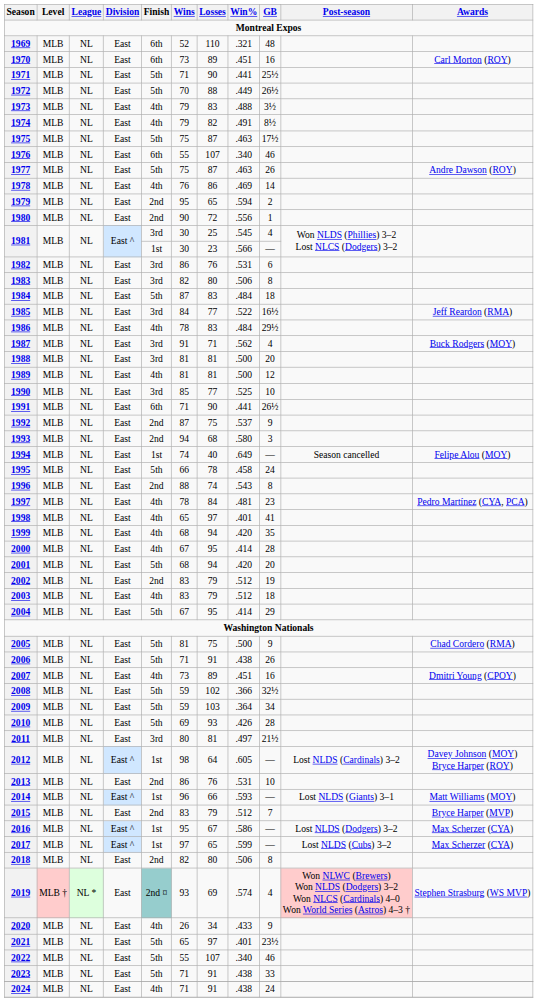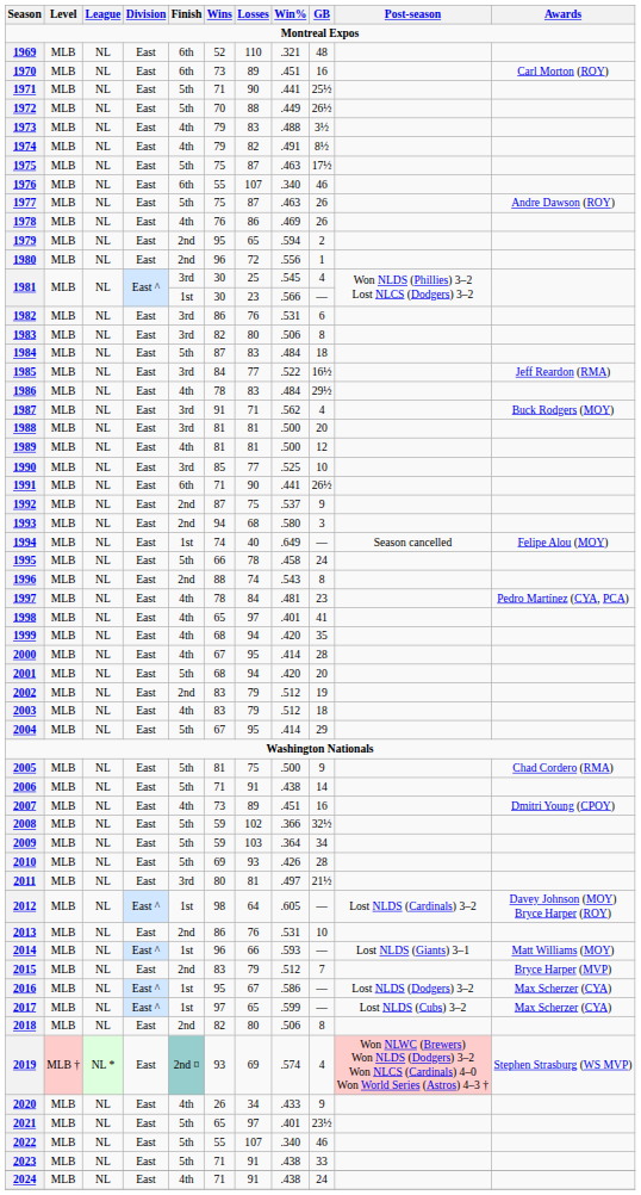 <table class="wikitable plainrowheaders" style="text-align:center; font-size:95%">
 <tr>
 <th scope="col">Season</th>
 <th scope-"col">Level</th>
 <th scope="col"><a href='#'>League</a></th>
 <th scope="col"><a href='#'>Division</a></th>
 <th scope="col">Finish</th>
 <th scope="col"><a href='#'>Wins</a></th>
 <th scope="col"><a href='#'>Losses</a></th>
 <th scope="col"><a href='#'>Win%</a></th>
 <th scope="col"><a href='#'>GB</a></th>
 <th scope="col"><a href='#'>Post-season</a></th>
 <th scope="col"><a href='#'>Awards</a></th>
 </tr>
 <tr>
 <td align="center" colspan="11"><strong>Montreal Expos</strong></td>
 </tr>
 <tr>
 <th scope="row" style="text-align:center;"><a href='#'>1969</a></th>
 <td>MLB</td>
 <td>NL</td>
 <td>East</td>
 <td>6th</td>
 <td>52</td>
 <td>110</td>
 <td>.321</td>
 <td>48</td>
 <td></td>
 <td></td>
 </tr>
 <tr>
 <th scope="row" style="text-align:center;"><a href='#'>1970</a></th>
 <td>MLB</td>
 <td>NL</td>
 <td>East</td>
 <td>6th</td>
 <td>73</td>
 <td>89</td>
 <td>.451</td>
 <td>16</td>
 <td></td>
 <td><a href='#'>Carl Morton</a> (<a href='#'>ROY</a>)</td>
 </tr>
 <tr>
 <th scope="row" style="text-align:center;"><a href='#'>1971</a></th>
 <td>MLB</td>
 <td>NL</td>
 <td>East</td>
 <td>5th</td>
 <td>71</td>
 <td>90</td>
 <td>.441</td>
 <td>25½</td>
 <td></td>
 <td></td>
 </tr>
 <tr>
 <th scope="row" style="text-align:center;"><a href='#'>1972</a></th>
 <td>MLB</td>
 <td>NL</td>
 <td>East</td>
 <td>5th</td>
 <td>70</td>
 <td>88</td>
 <td>.449</td>
 <td>26½</td>
 <td></td>
 <td></td>
 </tr>
 <tr>
 <th scope="row" style="text-align:center;"><a href='#'>1973</a></th>
 <td>MLB</td>
 <td>NL</td>
 <td>East</td>
 <td>4th</td>
 <td>79</td>
 <td>83</td>
 <td>.488</td>
 <td>3½</td>
 <td></td>
 <td></td>
 </tr>
 <tr>
 <th scope="row" style="text-align:center;"><a href='#'>1974</a></th>
 <td>MLB</td>
 <td>NL</td>
 <td>East</td>
 <td>4th</td>
 <td>79</td>
 <td>82</td>
 <td>.491</td>
 <td>8½</td>
 <td></td>
 <td></td>
 </tr>
 <tr>
 <th scope="row" style="text-align:center;"><a href='#'>1975</a></th>
 <td>MLB</td>
 <td>NL</td>
 <td>East</td>
 <td>5th</td>
 <td>75</td>
 <td>87</td>
 <td>.463</td>
 <td>17½</td>
 <td></td>
 <td></td>
 </tr>
 <tr>
 <th scope="row" style="text-align:center;"><a href='#'>1976</a></th>
 <td>MLB</td>
 <td>NL</td>
 <td>East</td>
 <td>6th</td>
 <td>55</td>
 <td>107</td>
 <td>.340</td>
 <td>46</td>
 <td></td>
 <td></td>
 </tr>
 <tr>
 <th scope="row" style="text-align:center;"><a href='#'>1977</a></th>
 <td>MLB</td>
 <td>NL</td>
 <td>East</td>
 <td>5th</td>
 <td>75</td>
 <td>87</td>
 <td>.463</td>
 <td>26</td>
 <td></td>
 <td><a href='#'>Andre Dawson</a> (<a href='#'>ROY</a>)</td>
 </tr>
 <tr>
 <th scope="row" style="text-align:center;"><a href='#'>1978</a></th>
 <td>MLB</td>
 <td>NL</td>
 <td>East</td>
 <td>4th</td>
 <td>76</td>
 <td>86</td>
 <td>.469</td>
-<td>14</td>
+<td>26</td>
 <td></td>
 <td></td>
 </tr>
 <tr>
 <th scope="row" style="text-align:center;"><a href='#'>1979</a></th>
 <td>MLB</td>
 <td>NL</td>
 <td>East</td>
 <td>2nd</td>
 <td>95</td>
 <td>65</td>
 <td>.594</td>
 <td>2</td>
 <td></td>
 <td></td>
 </tr>
 <tr>
 <th scope="row" style="text-align:center;"><a href='#'>1980</a></th>
 <td>MLB</td>
 <td>NL</td>
 <td>East</td>
 <td>2nd</td>
-<td>90</td>
+<td>96</td>
 <td>72</td>
 <td>.556</td>
 <td>1</td>
 <td></td>
 <td></td>
 </tr>
 <tr>
 <th scope="row" style="text-align:center;" rowspan=2><a href='#'>1981</a></th>
 <td rowspan=2>MLB</td>
 <td rowspan=2>NL</td>
 <td rowspan=2 bgcolor="#D0E7FF">East ^</td>
 <td>3rd</td>
 <td>30</td>
 <td>25</td>
 <td>.545</td>
 <td>4</td>
 <td rowspan=2>Won <a href='#'>NLDS</a> (<a href='#'>Phillies</a>) 3–2<br>Lost <a href='#'>NLCS</a> (<a href='#'>Dodgers</a>) 3–2</td>
 <td rowspan=2></td>
 </tr>
 <tr>
 <td>1st</td>
 <td>30</td>
 <td>23</td>
 <td>.566</td>
 <td>—</td>
 </tr>
 <tr>
 <th scope="row" style="text-align:center;"><a href='#'>1982</a></th>
 <td>MLB</td>
 <td>NL</td>
 <td>East</td>
 <td>3rd</td>
 <td>86</td>
 <td>76</td>
 <td>.531</td>
 <td>6</td>
 <td></td>
 <td></td>
 </tr>
 <tr>
 <th scope="row" style="text-align:center;"><a href='#'>1983</a></th>
 <td>MLB</td>
 <td>NL</td>
 <td>East</td>
 <td>3rd</td>
 <td>82</td>
 <td>80</td>
 <td>.506</td>
 <td>8</td>
 <td></td>
 <td></td>
 </tr>
 <tr>
 <th scope="row" style="text-align:center;"><a href='#'>1984</a></th>
 <td>MLB</td>
 <td>NL</td>
 <td>East</td>
 <td>5th</td>
 <td>87</td>
 <td>83</td>
 <td>.484</td>
 <td>18</td>
 <td></td>
 <td></td>
 </tr>
 <tr>
 <th scope="row" style="text-align:center;"><a href='#'>1985</a></th>
 <td>MLB</td>
 <td>NL</td>
 <td>East</td>
 <td>3rd</td>
 <td>84</td>
 <td>77</td>
 <td>.522</td>
 <td>16½</td>
 <td></td>
 <td><a href='#'>Jeff Reardon</a> (<a href='#'>RMA</a>)</td>
 </tr>
 <tr>
 <th scope="row" style="text-align:center;"><a href='#'>1986</a></th>
 <td>MLB</td>
 <td>NL</td>
 <td>East</td>
 <td>4th</td>
 <td>78</td>
 <td>83</td>
 <td>.484</td>
 <td>29½</td>
 <td></td>
 <td></td>
 </tr>
 <tr>
 <th scope="row" style="text-align:center;"><a href='#'>1987</a></th>
 <td>MLB</td>
 <td>NL</td>
 <td>East</td>
 <td>3rd</td>
 <td>91</td>
 <td>71</td>
 <td>.562</td>
 <td>4</td>
 <td></td>
 <td><a href='#'>Buck Rodgers</a> (<a href='#'>MOY</a>)</td>
 </tr>
 <tr>
 <th scope="row" style="text-align:center;"><a href='#'>1988</a></th>
 <td>MLB</td>
 <td>NL</td>
 <td>East</td>
 <td>3rd</td>
 <td>81</td>
 <td>81</td>
 <td>.500</td>
 <td>20</td>
 <td></td>
 <td></td>
 </tr>
 <tr>
 <th scope="row" style="text-align:center;"><a href='#'>1989</a></th>
 <td>MLB</td>
 <td>NL</td>
 <td>East</td>
 <td>4th</td>
 <td>81</td>
 <td>81</td>
 <td>.500</td>
 <td>12</td>
 <td></td>
 <td></td>
 </tr>
 <tr>
 <th scope="row" style="text-align:center;"><a href='#'>1990</a></th>
 <td>MLB</td>
 <td>NL</td>
 <td>East</td>
 <td>3rd</td>
 <td>85</td>
 <td>77</td>
 <td>.525</td>
 <td>10</td>
 <td></td>
 <td></td>
 </tr>
 <tr>
 <th scope="row" style="text-align:center;"><a href='#'>1991</a></th>
 <td>MLB</td>
 <td>NL</td>
 <td>East</td>
 <td>6th</td>
 <td>71</td>
 <td>90</td>
 <td>.441</td>
 <td>26½</td>
 <td></td>
 <td></td>
 </tr>
 <tr>
 <th scope="row" style="text-align:center;"><a href='#'>1992</a></th>
 <td>MLB</td>
 <td>NL</td>
 <td>East</td>
 <td>2nd</td>
 <td>87</td>
 <td>75</td>
 <td>.537</td>
 <td>9</td>
 <td></td>
 <td></td>
 </tr>
 <tr>
 <th scope="row" style="text-align:center;"><a href='#'>1993</a></th>
 <td>MLB</td>
 <td>NL</td>
 <td>East</td>
 <td>2nd</td>
 <td>94</td>
 <td>68</td>
 <td>.580</td>
 <td>3</td>
 <td></td>
 <td></td>
 </tr>
 <tr>
 <th scope="row" style="text-align:center;"><a href='#'>1994</a></th>
 <td>MLB</td>
 <td>NL</td>
 <td>East</td>
 <td>1st</td>
 <td>74</td>
 <td>40</td>
 <td>.649</td>
 <td>—</td>
 <td>Season cancelled</td>
 <td><a href='#'>Felipe Alou</a> (<a href='#'>MOY</a>)</td>
 </tr>
 <tr>
 <th scope="row" style="text-align:center;"><a href='#'>1995</a></th>
 <td>MLB</td>
 <td>NL</td>
 <td>East</td>
 <td>5th</td>
 <td>66</td>
 <td>78</td>
 <td>.458</td>
 <td>24</td>
 <td></td>
 <td></td>
 </tr>
 <tr>
 <th scope="row" style="text-align:center;"><a href='#'>1996</a></th>
 <td>MLB</td>
 <td>NL</td>
 <td>East</td>
 <td>2nd</td>
 <td>88</td>
 <td>74</td>
 <td>.543</td>
 <td>8</td>
 <td></td>
 <td></td>
 </tr>
 <tr>
 <th scope="row" style="text-align:center;"><a href='#'>1997</a></th>
 <td>MLB</td>
 <td>NL</td>
 <td>East</td>
 <td>4th</td>
 <td>78</td>
 <td>84</td>
 <td>.481</td>
 <td>23</td>
 <td></td>
 <td><a href='#'>Pedro Martínez</a> (<a href='#'>CYA</a>, <a href='#'>PCA</a>) </td>
 </tr>
 <tr>
 <th scope="row" style="text-align:center;"><a href='#'>1998</a></th>
 <td>MLB</td>
 <td>NL</td>
 <td>East</td>
 <td>4th</td>
 <td>65</td>
 <td>97</td>
 <td>.401</td>
 <td>41</td>
 <td></td>
 <td></td>
 </tr>
 <tr>
 <th scope="row" style="text-align:center;"><a href='#'>1999</a></th>
 <td>MLB</td>
 <td>NL</td>
 <td>East</td>
 <td>4th</td>
 <td>68</td>
 <td>94</td>
 <td>.420</td>
 <td>35</td>
 <td></td>
 <td></td>
 </tr>
 <tr>
 <th scope="row" style="text-align:center;"><a href='#'>2000</a></th>
 <td>MLB</td>
 <td>NL</td>
 <td>East</td>
 <td>4th</td>
 <td>67</td>
 <td>95</td>
 <td>.414</td>
 <td>28</td>
 <td></td>
 <td></td>
 </tr>
 <tr>
 <th scope="row" style="text-align:center;"><a href='#'>2001</a></th>
 <td>MLB</td>
 <td>NL</td>
 <td>East</td>
 <td>5th</td>
 <td>68</td>
 <td>94</td>
 <td>.420</td>
 <td>20</td>
 <td></td>
 <td></td>
 </tr>
 <tr>
 <th scope="row" style="text-align:center;"><a href='#'>2002</a></th>
 <td>MLB</td>
 <td>NL</td>
 <td>East</td>
 <td>2nd</td>
 <td>83</td>
 <td>79</td>
 <td>.512</td>
 <td>19</td>
 <td></td>
 <td></td>
 </tr>
 <tr>
 <th scope="row" style="text-align:center;"><a href='#'>2003</a></th>
 <td>MLB</td>
 <td>NL</td>
 <td>East</td>
 <td>4th</td>
 <td>83</td>
 <td>79</td>
 <td>.512</td>
 <td>18</td>
 <td></td>
 <td></td>
 </tr>
 <tr>
 <th scope="row" style="text-align:center;"><a href='#'>2004</a></th>
 <td>MLB</td>
 <td>NL</td>
 <td>East</td>
 <td>5th</td>
 <td>67</td>
 <td>95</td>
 <td>.414</td>
 <td>29</td>
 <td></td>
 <td></td>
 </tr>
 <tr>
 <td align="center" colspan="11"><strong>Washington Nationals</strong></td>
 </tr>
 <tr>
 <th scope="row" style="text-align:center;"><a href='#'>2005</a></th>
 <td>MLB</td>
 <td>NL</td>
 <td>East</td>
 <td>5th</td>
 <td>81</td>
 <td>75</td>
 <td>.500</td>
 <td>9</td>
 <td></td>
 <td><a href='#'>Chad Cordero</a> (<a href='#'>RMA</a>)</td>
 </tr>
 <tr>
 <th scope="row" style="text-align:center;"><a href='#'>2006</a></th>
 <td>MLB</td>
 <td>NL</td>
 <td>East</td>
 <td>5th</td>
 <td>71</td>
 <td>91</td>
 <td>.438</td>
-<td>26</td>
+<td>14</td>
 <td></td>
 <td></td>
 </tr>
 <tr>
 <th scope="row" style="text-align:center;"><a href='#'>2007</a></th>
 <td>MLB</td>
 <td>NL</td>
 <td>East</td>
 <td>4th</td>
 <td>73</td>
 <td>89</td>
 <td>.451</td>
 <td>16</td>
 <td></td>
 <td><a href='#'>Dmitri Young</a> (<a href='#'>CPOY</a>)</td>
 </tr>
 <tr>
 <th scope="row" style="text-align:center;"><a href='#'>2008</a></th>
 <td>MLB</td>
 <td>NL</td>
 <td>East</td>
 <td>5th</td>
 <td>59</td>
 <td>102</td>
 <td>.366</td>
 <td>32½</td>
 <td></td>
 <td></td>
 </tr>
 <tr>
 <th scope="row" style="text-align:center;"><a href='#'>2009</a></th>
 <td>MLB</td>
 <td>NL</td>
 <td>East</td>
 <td>5th</td>
 <td>59</td>
 <td>103</td>
 <td>.364</td>
 <td>34</td>
 <td></td>
 <td></td>
 </tr>
 <tr>
 <th scope="row" style="text-align:center;"><a href='#'>2010</a></th>
 <td>MLB</td>
 <td>NL</td>
 <td>East</td>
 <td>5th</td>
 <td>69</td>
 <td>93</td>
 <td>.426</td>
 <td>28</td>
 <td></td>
 <td></td>
 </tr>
 <tr>
 <th scope="row" style="text-align:center;"><a href='#'>2011</a></th>
 <td>MLB</td>
 <td>NL</td>
 <td>East</td>
 <td>3rd</td>
 <td>80</td>
 <td>81</td>
 <td>.497</td>
 <td>21½</td>
 <td></td>
 <td></td>
 </tr>
 <tr>
 <th scope="row" style="text-align:center;"><a href='#'>2012</a></th>
 <td>MLB</td>
 <td>NL</td>
 <td bgcolor="#D0E7FF">East ^</td>
 <td>1st</td>
 <td>98</td>
 <td>64</td>
 <td>.605</td>
 <td>—</td>
 <td>Lost <a href='#'>NLDS</a> (<a href='#'>Cardinals</a>) 3–2</td>
 <td><a href='#'>Davey Johnson</a> (<a href='#'>MOY</a>)<br><a href='#'>Bryce Harper</a> (<a href='#'>ROY</a>)</td>
 </tr>
 <tr>
 <th scope="row" style="text-align:center;"><a href='#'>2013</a></th>
 <td>MLB</td>
 <td>NL</td>
 <td>East</td>
 <td>2nd</td>
 <td>86</td>
 <td>76</td>
 <td>.531</td>
 <td>10</td>
 <td></td>
 <td></td>
 </tr>
 <tr>
 <th scope="row" style="text-align:center;"><a href='#'>2014</a></th>
 <td>MLB</td>
 <td>NL</td>
 <td bgcolor="#D0E7FF">East ^</td>
 <td>1st</td>
 <td>96</td>
 <td>66</td>
 <td>.593</td>
 <td>—</td>
 <td>Lost <a href='#'>NLDS</a> (<a href='#'>Giants</a>) 3–1</td>
 <td><a href='#'>Matt Williams</a> (<a href='#'>MOY</a>)</td>
 </tr>
 <tr>
 <th scope="row" style="text-align:center;"><a href='#'>2015</a></th>
 <td>MLB</td>
 <td>NL</td>
 <td>East</td>
 <td>2nd</td>
 <td>83</td>
 <td>79</td>
 <td>.512</td>
 <td>7</td>
 <td></td>
 <td><a href='#'>Bryce Harper</a> (<a href='#'>MVP</a>)</td>
 </tr>
 <tr>
 <th scope="row" style="text-align:center;"><a href='#'>2016</a></th>
 <td>MLB</td>
 <td>NL</td>
 <td bgcolor="#D0E7FF">East ^</td>
 <td>1st</td>
 <td>95</td>
 <td>67</td>
 <td>.586</td>
 <td>—</td>
 <td>Lost <a href='#'>NLDS</a> (<a href='#'>Dodgers</a>) 3–2</td>
 <td><a href='#'>Max Scherzer</a> (<a href='#'>CYA</a>)</td>
 </tr>
 <tr>
 <th scope="row" style="text-align:center;"><a href='#'>2017</a></th>
 <td>MLB</td>
 <td>NL</td>
 <td bgcolor="#D0E7FF">East ^</td>
 <td>1st</td>
 <td>97</td>
 <td>65</td>
 <td>.599</td>
 <td>—</td>
 <td>Lost <a href='#'>NLDS</a> (<a href='#'>Cubs</a>) 3–2</td>
 <td><a href='#'>Max Scherzer</a> (<a href='#'>CYA</a>) </td>
 </tr>
 <tr>
 <th scope="row" style="text-align:center;"><a href='#'>2018</a></th>
 <td>MLB</td>
 <td>NL</td>
 <td>East</td>
 <td>2nd</td>
 <td>82</td>
 <td>80</td>
 <td>.506</td>
 <td>8</td>
 <td></td>
 <td></td>
 </tr>
 <tr>
 <th scope="row" style="text-align:center;"><a href='#'>2019</a></th>
 <td bgcolor="#FFCCCC">MLB †</td>
 <td bgcolor="#ddffdd">NL *</td>
 <td>East</td>
 <td bgcolor="#96CDCD">2nd ¤</td>
 <td>93</td>
 <td>69</td>
 <td>.574</td>
 <td>4</td>
 <td bgcolor="#FFCCCC">Won <a href='#'>NLWC</a> (<a href='#'>Brewers</a>)<br> Won <a href='#'>NLDS</a> (<a href='#'>Dodgers</a>) 3–2<br> Won <a href='#'>NLCS</a> (<a href='#'>Cardinals</a>) 4–0<br> Won <a href='#'>World Series</a> (<a href='#'>Astros</a>) 4–3 †</td>
 <td><a href='#'>Stephen Strasburg</a> (<a href='#'>WS MVP</a>)</td>
 </tr>
 <tr>
 <th scope="row" style="text-align:center;"><a href='#'>2020</a></th>
 <td>MLB</td>
 <td>NL</td>
 <td>East</td>
 <td>4th</td>
 <td>26</td>
 <td>34</td>
 <td>.433</td>
 <td>9</td>
 <td></td>
 <td></td>
 </tr>
 <tr>
 <th scope="row" style="text-align:center;"><a href='#'>2021</a></th>
 <td>MLB</td>
 <td>NL</td>
 <td>East</td>
 <td>5th</td>
 <td>65</td>
 <td>97</td>
 <td>.401</td>
 <td>23½</td>
 <td></td>
 <td></td>
 </tr>
 <tr>
 <th scope="row" style="text-align:center;"><a href='#'>2022</a></th>
 <td>MLB</td>
 <td>NL</td>
 <td>East</td>
 <td>5th</td>
 <td>55</td>
 <td>107</td>
 <td>.340</td>
 <td>46</td>
 <td></td>
 <td></td>
 </tr>
 <tr>
 <th scope="row" style="text-align:center;"><a href='#'>2023</a></th>
 <td>MLB</td>
 <td>NL</td>
 <td>East</td>
 <td>5th</td>
 <td>71</td>
 <td>91</td>
 <td>.438</td>
 <td>33</td>
 <td></td>
 <td></td>
 </tr>
 <tr>
 </tr>
 <tr>
 <th scope="row" style="text-align:center;"><a href='#'>2024</a></th>
 <td>MLB</td>
 <td>NL</td>
 <td>East</td>
 <td>4th</td>
 <td>71</td>
 <td>91</td>
 <td>.438</td>
 <td>24</td>
 <td></td>
 <td></td>
 </tr>
 <tr>
 </tr>
 </table>
